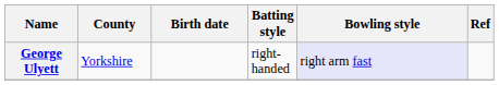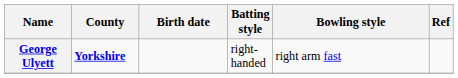 <table class="wikitable plainrowheaders" style="font-size:95%; width:90%;">
 <tr>
 <th scope="col" width="15%">Name</th>
 <th scope="col" width="15%">County</th>
 <th scope="col" width="20%">Birth date</th>
 <th scope="col" width="10%">Batting style</th>
 <th scope="col" width="35%">Bowling style</th>
 <th scope="col" width="5%">Ref</th>
 </tr>
 <tr>
 <th scope="row"><a href='#'>George Ulyett</a></th>
-<td><a href='#'>Yorkshire</a></td>
+<td><strong><a href='#'>Yorkshire</a></strong></td>
 <td></td>
 <td>right-handed</td>
-<td style="background: lavender;">right arm <a href='#'>fast</a></td>
+<td>right arm <a href='#'>fast</a></td>
 <td></td>
 </tr>
 <tr>
 </tr>
 </table>
